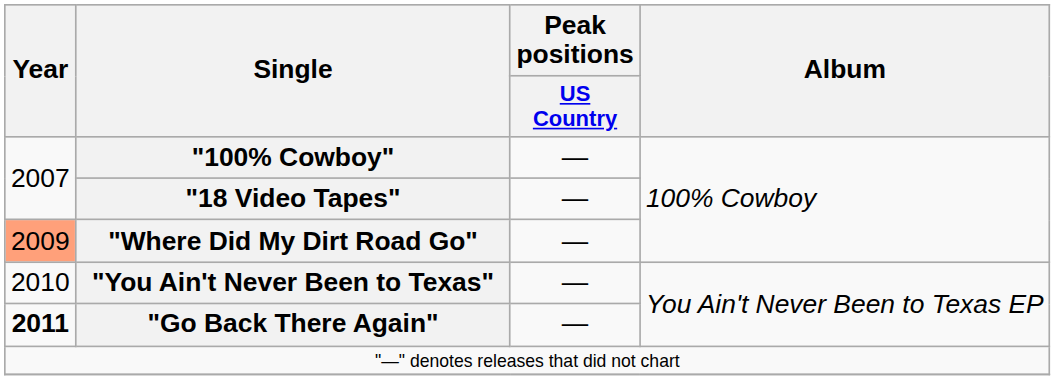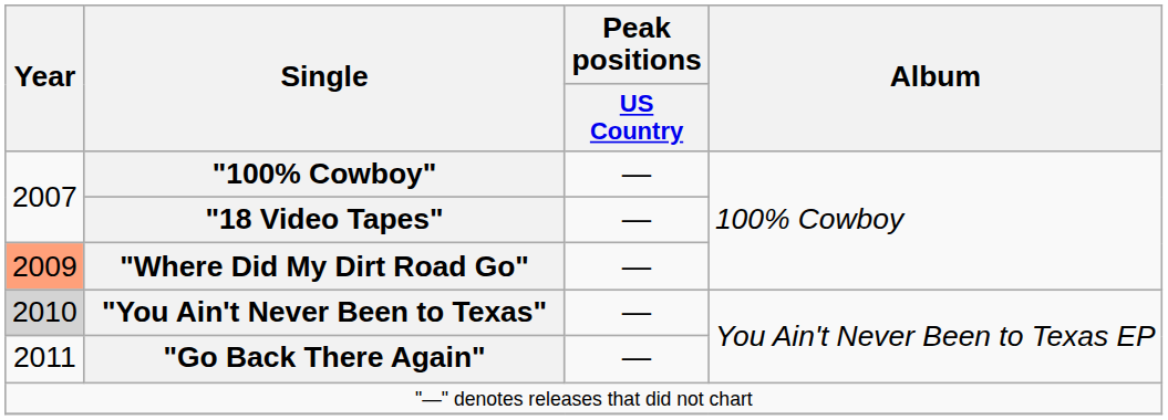 <table class="wikitable plainrowheaders" style="text-align:center;">
 <tr>
 <th rowspan="2">Year</th>
 <th rowspan="2" style="width:16em;">Single</th>
 <th colspan="1">Peak positions</th>
 <th rowspan="2">Album</th>
 </tr>
 <tr style="font-size:smaller;">
 <th width="60"><a href='#'>US Country</a></th>
 </tr>
 <tr>
 <td rowspan="2">2007</td>
 <th scope="row">"100% Cowboy"</th>
 <td>—</td>
 <td align="left" rowspan="3"><em>100% Cowboy</em></td>
 </tr>
 <tr>
 <th scope="row">"18 Video Tapes"</th>
 <td>—</td>
 </tr>
 <tr>
 <td style="background: lightsalmon;">2009</td>
 <th scope="row">"Where Did My Dirt Road Go"</th>
 <td>—</td>
 </tr>
 <tr>
-<td>2010</td>
+<td style="background: lightgrey;">2010</td>
 <th scope="row">"You Ain't Never Been to Texas"</th>
 <td>—</td>
 <td align="left" rowspan="2"><em>You Ain't Never Been to Texas EP</em></td>
 </tr>
 <tr>
-<td><strong>2011</strong></td>
+<td>2011</td>
 <th scope="row">"Go Back There Again"</th>
 <td>—</td>
 </tr>
 <tr>
 <td colspan="4" style="font-size:8pt">"—" denotes releases that did not chart</td>
 </tr>
 <tr>
 </tr>
 </table>
